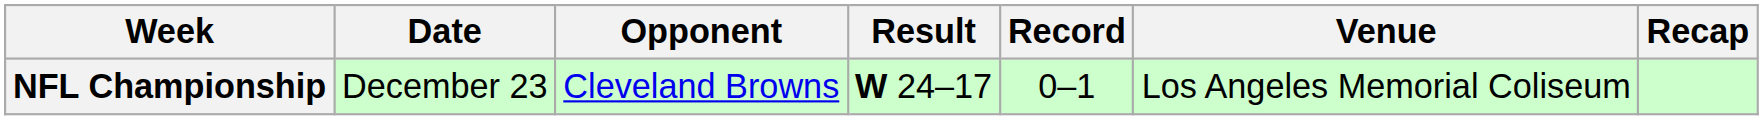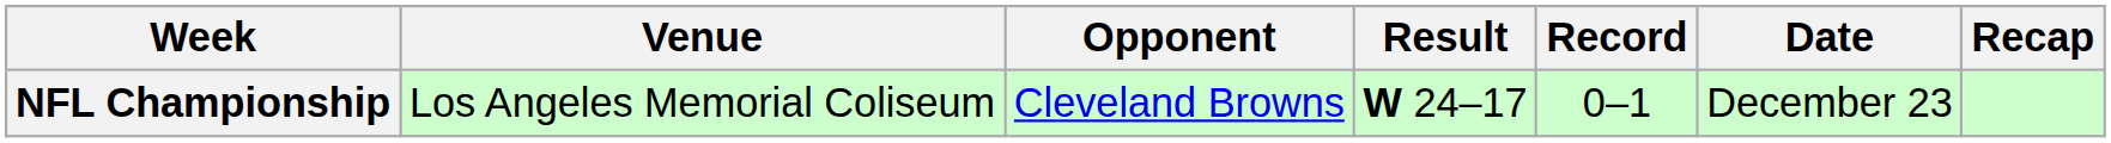 <table class="wikitable" style="text-align:center">
 <tr>
 <th>Week</th>
-<th>Date</th>
+<th>Venue</th>
 <th>Opponent</th>
 <th>Result</th>
 <th>Record</th>
-<th>Venue</th>
+<th>Date</th>
 <th>Recap</th>
 </tr>
 <tr align="center" bgcolor="#cfc">
 <th>NFL Championship</th>
-<td>December 23</td>
+<td>Los Angeles Memorial Coliseum</td>
 <td><a href='#'>Cleveland Browns</a></td>
 <td><strong>W</strong> 24–17</td>
 <td>0–1</td>
-<td>Los Angeles Memorial Coliseum</td>
+<td>December 23</td>
 <td></td>
 </tr>
 </table>
